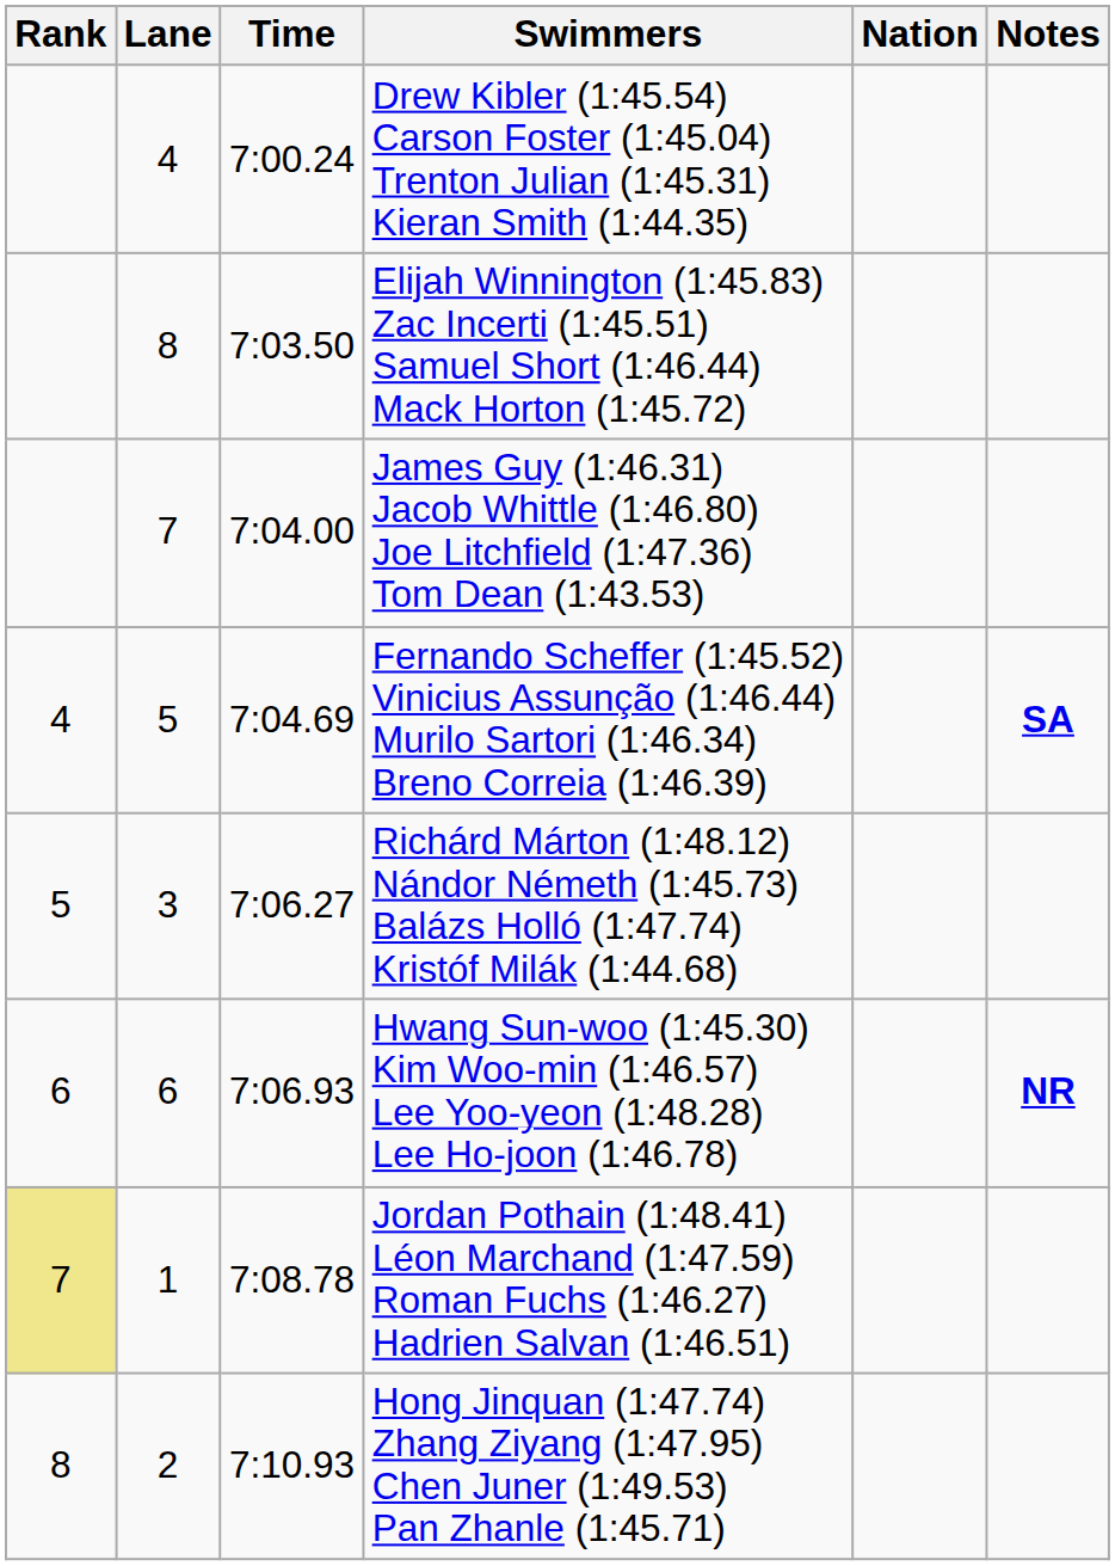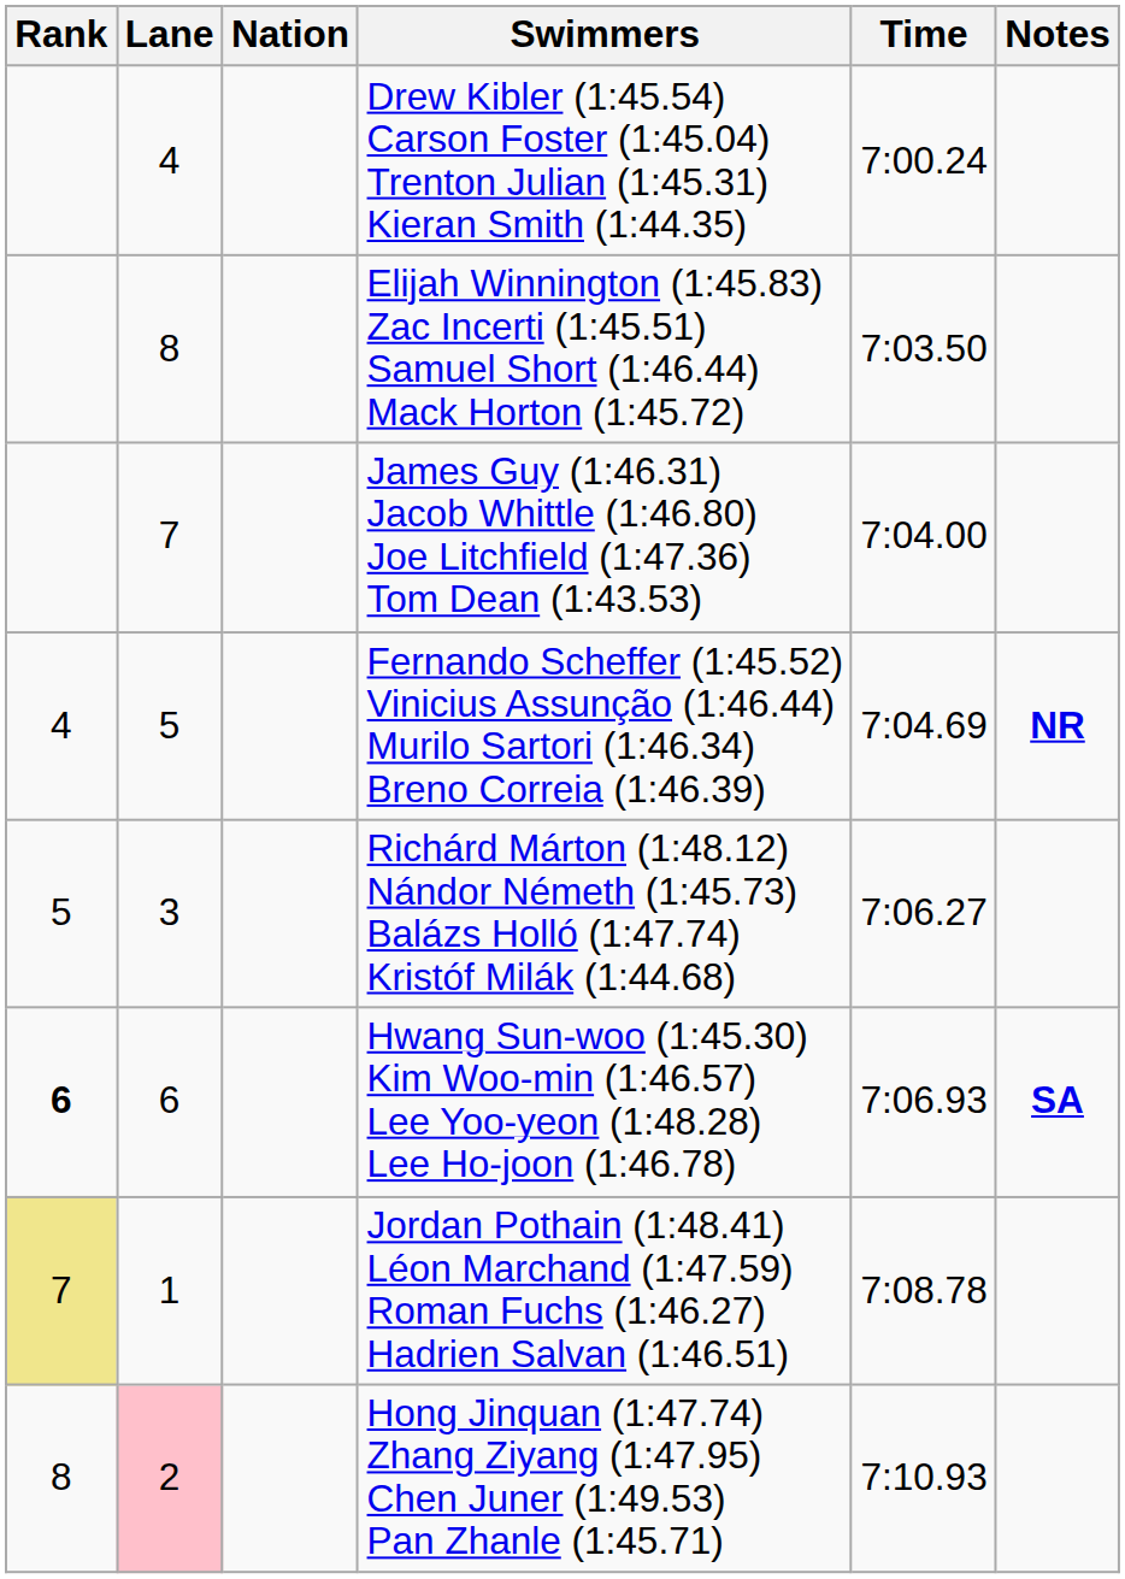 <table class="wikitable sortable" style="text-align:center">
 <tr>
 <th>Rank</th>
 <th>Lane</th>
+<th>Nation</th>
+<th>Swimmers</th>
 <th>Time</th>
-<th>Swimmers</th>
-<th>Nation</th>
 <th>Notes</th>
 </tr>
 <tr>
 <td></td>
 <td>4</td>
+<td align=left></td>
+<td align=left><a href='#'>Drew Kibler</a> (1:45.54)<br><a href='#'>Carson Foster</a> (1:45.04)<br><a href='#'>Trenton Julian</a> (1:45.31)<br><a href='#'>Kieran Smith</a> (1:44.35)</td>
 <td>7:00.24</td>
-<td align=left><a href='#'>Drew Kibler</a> (1:45.54)<br><a href='#'>Carson Foster</a> (1:45.04)<br><a href='#'>Trenton Julian</a> (1:45.31)<br><a href='#'>Kieran Smith</a> (1:44.35)</td>
-<td align=left></td>
 <td></td>
 </tr>
 <tr>
 <td></td>
 <td>8</td>
+<td align=left></td>
+<td align=left><a href='#'>Elijah Winnington</a> (1:45.83)<br><a href='#'>Zac Incerti</a> (1:45.51)<br><a href='#'>Samuel Short</a> (1:46.44)<br><a href='#'>Mack Horton</a> (1:45.72)</td>
 <td>7:03.50</td>
-<td align=left><a href='#'>Elijah Winnington</a> (1:45.83)<br><a href='#'>Zac Incerti</a> (1:45.51)<br><a href='#'>Samuel Short</a> (1:46.44)<br><a href='#'>Mack Horton</a> (1:45.72)</td>
-<td align=left></td>
 <td></td>
 </tr>
 <tr>
 <td></td>
 <td>7</td>
+<td align=left></td>
+<td align=left><a href='#'>James Guy</a> (1:46.31)<br><a href='#'>Jacob Whittle</a> (1:46.80)<br><a href='#'>Joe Litchfield</a> (1:47.36)<br><a href='#'>Tom Dean</a> (1:43.53)</td>
 <td>7:04.00</td>
-<td align=left><a href='#'>James Guy</a> (1:46.31)<br><a href='#'>Jacob Whittle</a> (1:46.80)<br><a href='#'>Joe Litchfield</a> (1:47.36)<br><a href='#'>Tom Dean</a> (1:43.53)</td>
-<td align=left></td>
 <td></td>
 </tr>
 <tr>
 <td>4</td>
 <td>5</td>
+<td align=left></td>
+<td align=left><a href='#'>Fernando Scheffer</a> (1:45.52)<br><a href='#'>Vinicius Assunção</a> (1:46.44)<br><a href='#'>Murilo Sartori</a> (1:46.34)<br><a href='#'>Breno Correia</a> (1:46.39)</td>
 <td>7:04.69</td>
-<td align=left><a href='#'>Fernando Scheffer</a> (1:45.52)<br><a href='#'>Vinicius Assunção</a> (1:46.44)<br><a href='#'>Murilo Sartori</a> (1:46.34)<br><a href='#'>Breno Correia</a> (1:46.39)</td>
-<td align=left></td>
-<td><strong><a href='#'>SA</a></strong></td>
+<td><strong><a href='#'>NR</a></strong></td>
 </tr>
 <tr>
 <td>5</td>
 <td>3</td>
+<td align=left></td>
+<td align=left><a href='#'>Richárd Márton</a> (1:48.12)<br><a href='#'>Nándor Németh</a> (1:45.73)<br><a href='#'>Balázs Holló</a> (1:47.74)<br><a href='#'>Kristóf Milák</a> (1:44.68)</td>
 <td>7:06.27</td>
-<td align=left><a href='#'>Richárd Márton</a> (1:48.12)<br><a href='#'>Nándor Németh</a> (1:45.73)<br><a href='#'>Balázs Holló</a> (1:47.74)<br><a href='#'>Kristóf Milák</a> (1:44.68)</td>
-<td align=left></td>
 <td></td>
 </tr>
 <tr>
+<td><strong>6</strong></td>
 <td>6</td>
-<td>6</td>
+<td align=left></td>
+<td align=left><a href='#'>Hwang Sun-woo</a> (1:45.30)<br><a href='#'>Kim Woo-min</a> (1:46.57)<br><a href='#'>Lee Yoo-yeon</a> (1:48.28)<br><a href='#'>Lee Ho-joon</a> (1:46.78)</td>
 <td>7:06.93</td>
-<td align=left><a href='#'>Hwang Sun-woo</a> (1:45.30)<br><a href='#'>Kim Woo-min</a> (1:46.57)<br><a href='#'>Lee Yoo-yeon</a> (1:48.28)<br><a href='#'>Lee Ho-joon</a> (1:46.78)</td>
-<td align=left></td>
-<td><strong><a href='#'>NR</a></strong></td>
+<td><strong><a href='#'>SA</a></strong></td>
 </tr>
 <tr>
 <td style="background: khaki;">7</td>
 <td>1</td>
+<td align=left></td>
+<td align=left><a href='#'>Jordan Pothain</a> (1:48.41)<br><a href='#'>Léon Marchand</a> (1:47.59)<br><a href='#'>Roman Fuchs</a> (1:46.27)<br><a href='#'>Hadrien Salvan</a> (1:46.51)</td>
 <td>7:08.78</td>
-<td align=left><a href='#'>Jordan Pothain</a> (1:48.41)<br><a href='#'>Léon Marchand</a> (1:47.59)<br><a href='#'>Roman Fuchs</a> (1:46.27)<br><a href='#'>Hadrien Salvan</a> (1:46.51)</td>
-<td align=left></td>
 <td></td>
 </tr>
 <tr>
 <td>8</td>
-<td>2</td>
+<td style="background: pink;">2</td>
+<td align=left></td>
+<td align=left><a href='#'>Hong Jinquan</a> (1:47.74)<br><a href='#'>Zhang Ziyang</a> (1:47.95)<br><a href='#'>Chen Juner</a> (1:49.53)<br><a href='#'>Pan Zhanle</a> (1:45.71)</td>
 <td>7:10.93</td>
-<td align=left><a href='#'>Hong Jinquan</a> (1:47.74)<br><a href='#'>Zhang Ziyang</a> (1:47.95)<br><a href='#'>Chen Juner</a> (1:49.53)<br><a href='#'>Pan Zhanle</a> (1:45.71)</td>
-<td align=left></td>
 <td></td>
 </tr>
 </table>
